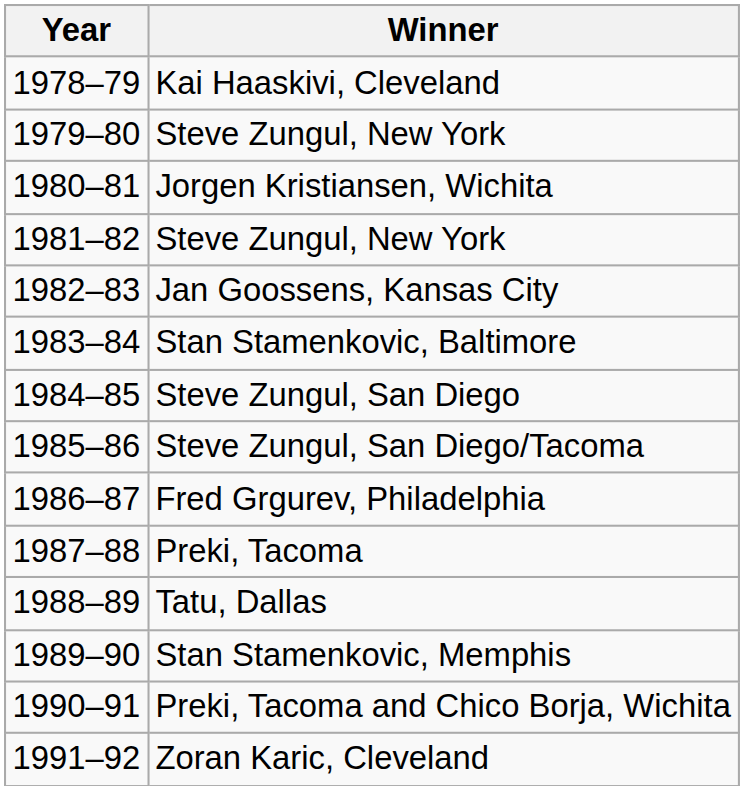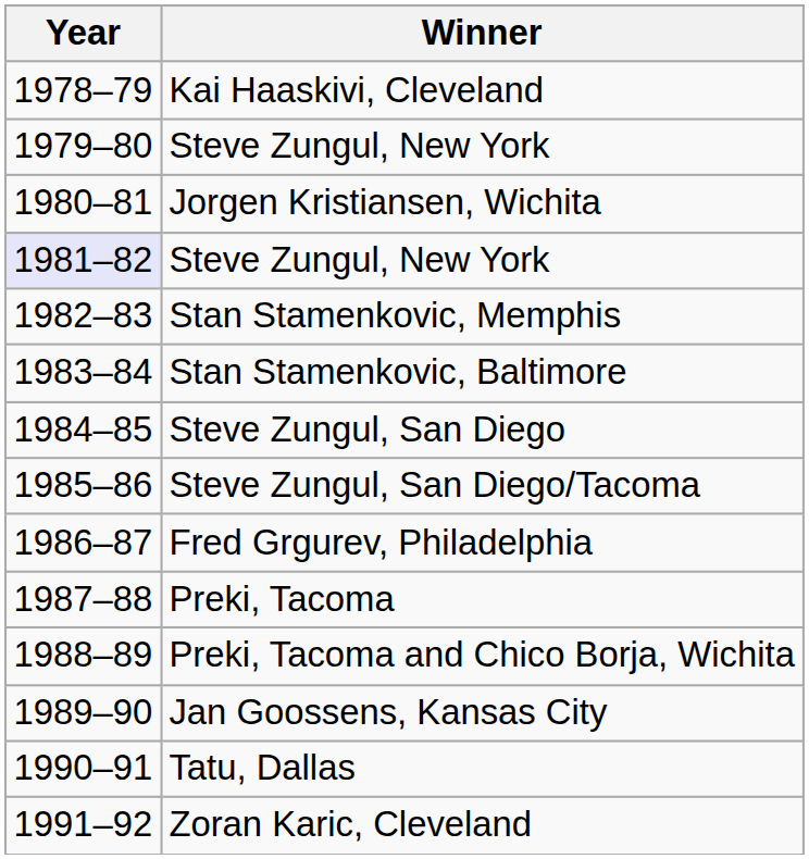 <table class="wikitable">
 <tr>
 <th>Year</th>
 <th>Winner</th>
 </tr>
 <tr>
 <td>1978–79</td>
 <td>Kai Haaskivi, Cleveland</td>
 </tr>
 <tr>
 <td>1979–80</td>
 <td>Steve Zungul, New York</td>
 </tr>
 <tr>
 <td>1980–81</td>
 <td>Jorgen Kristiansen, Wichita</td>
 </tr>
 <tr>
-<td>1981–82</td>
+<td style="background: lavender;">1981–82</td>
 <td>Steve Zungul, New York</td>
 </tr>
 <tr>
 <td>1982–83</td>
-<td>Jan Goossens, Kansas City</td>
+<td>Stan Stamenkovic, Memphis</td>
 </tr>
 <tr>
 <td>1983–84</td>
 <td>Stan Stamenkovic, Baltimore</td>
 </tr>
 <tr>
 <td>1984–85</td>
 <td>Steve Zungul, San Diego</td>
 </tr>
 <tr>
 <td>1985–86</td>
 <td>Steve Zungul, San Diego/Tacoma</td>
 </tr>
 <tr>
 <td>1986–87</td>
 <td>Fred Grgurev, Philadelphia</td>
 </tr>
 <tr>
 <td>1987–88</td>
 <td>Preki, Tacoma</td>
 </tr>
 <tr>
 <td>1988–89</td>
-<td>Tatu, Dallas</td>
+<td>Preki, Tacoma and Chico Borja, Wichita</td>
 </tr>
 <tr>
 <td>1989–90</td>
-<td>Stan Stamenkovic, Memphis</td>
+<td>Jan Goossens, Kansas City</td>
 </tr>
 <tr>
 <td>1990–91</td>
-<td>Preki, Tacoma and Chico Borja, Wichita</td>
+<td>Tatu, Dallas</td>
 </tr>
 <tr>
 <td>1991–92</td>
 <td>Zoran Karic, Cleveland</td>
 </tr>
 </table>
